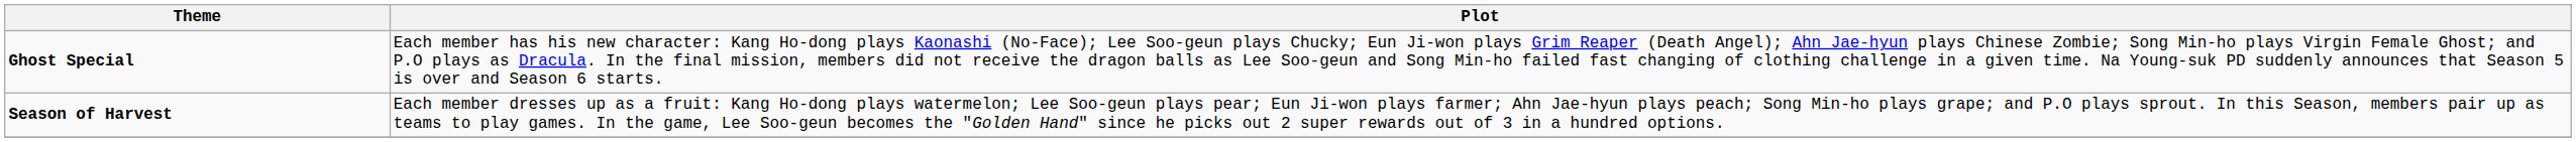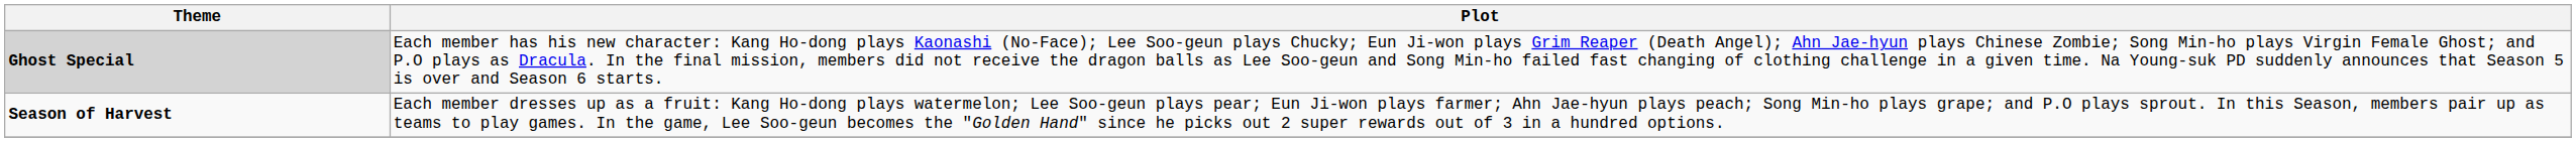 <table class="wikitable" style="font-size:95%">
 <tr>
 <th style="width:15%;">Theme</th>
 <th style="width:85%;">Plot</th>
 </tr>
 <tr>
-<td><strong>Ghost Special</strong></td>
+<td style="background: lightgrey;"><strong>Ghost Special</strong></td>
 <td>Each member has his new character: Kang Ho-dong plays <a href='#'>Kaonashi</a> (No-Face); Lee Soo-geun plays Chucky; Eun Ji-won plays <a href='#'>Grim Reaper</a> (Death Angel); <a href='#'>Ahn Jae-hyun</a> plays Chinese Zombie;  Song Min-ho plays Virgin Female Ghost; and P.O plays as <a href='#'>Dracula</a>. In the final mission, members did not receive the dragon balls as Lee Soo-geun and Song Min-ho failed fast changing of clothing challenge in a given time. Na Young-suk PD suddenly announces that Season 5 is over and Season 6 starts.</td>
 </tr>
 <tr>
 <td><strong>Season of Harvest</strong></td>
 <td>Each member dresses up as a fruit: Kang Ho-dong plays watermelon; Lee Soo-geun plays pear; Eun Ji-won plays farmer; Ahn Jae-hyun plays peach; Song Min-ho plays grape; and P.O plays sprout. In this Season, members pair up as teams to play games. In the game, Lee Soo-geun becomes the "<em>Golden Hand</em>" since he picks out 2 super rewards out of 3 in a hundred options.</td>
 </tr>
 <tr>
 </tr>
 </table>
